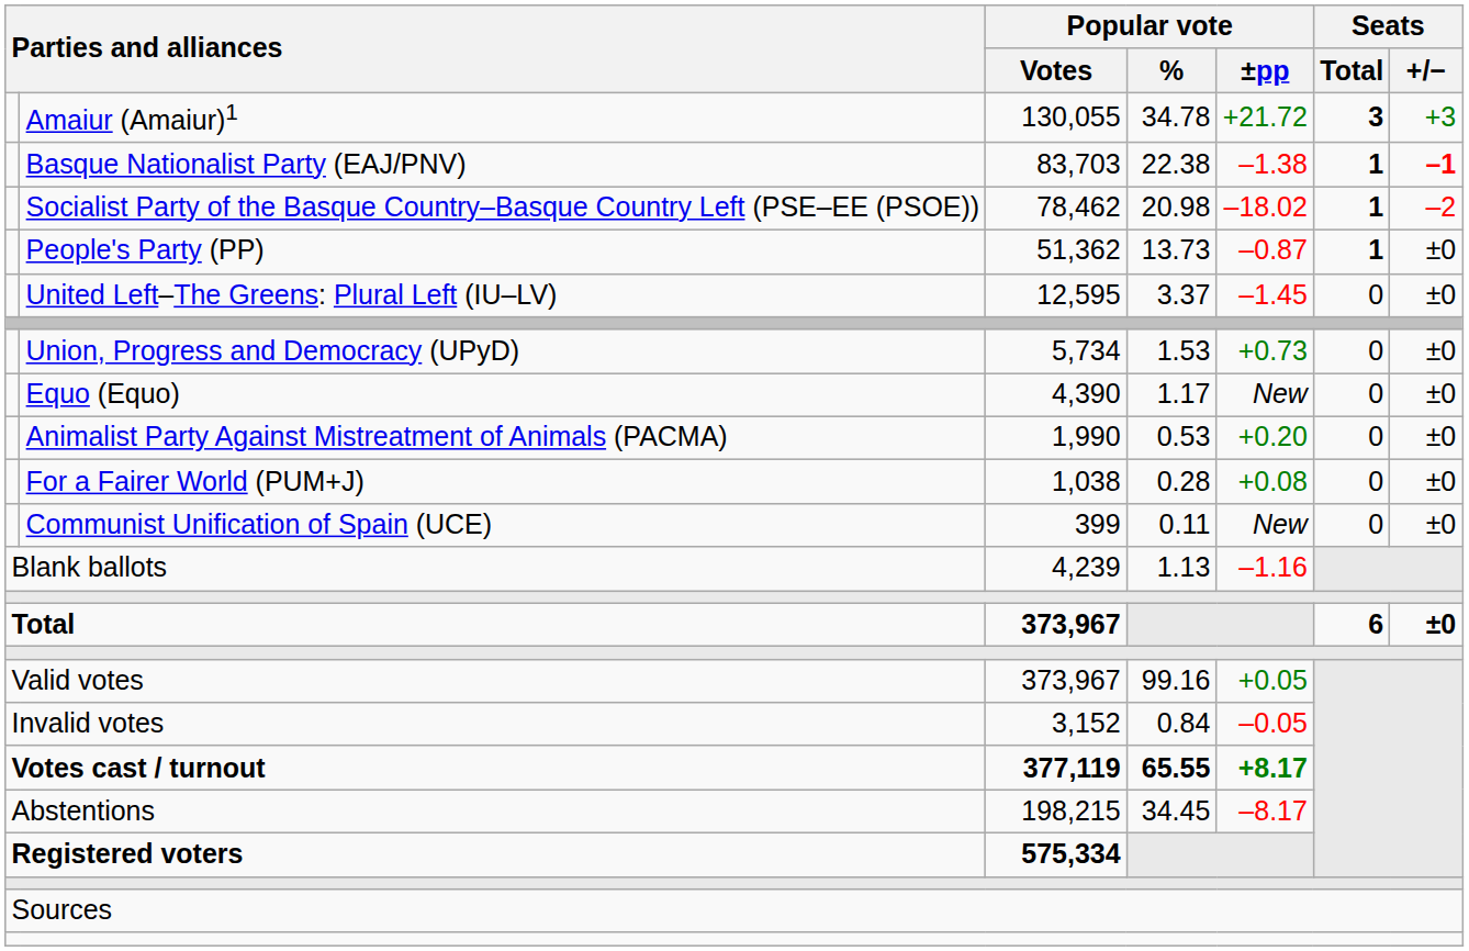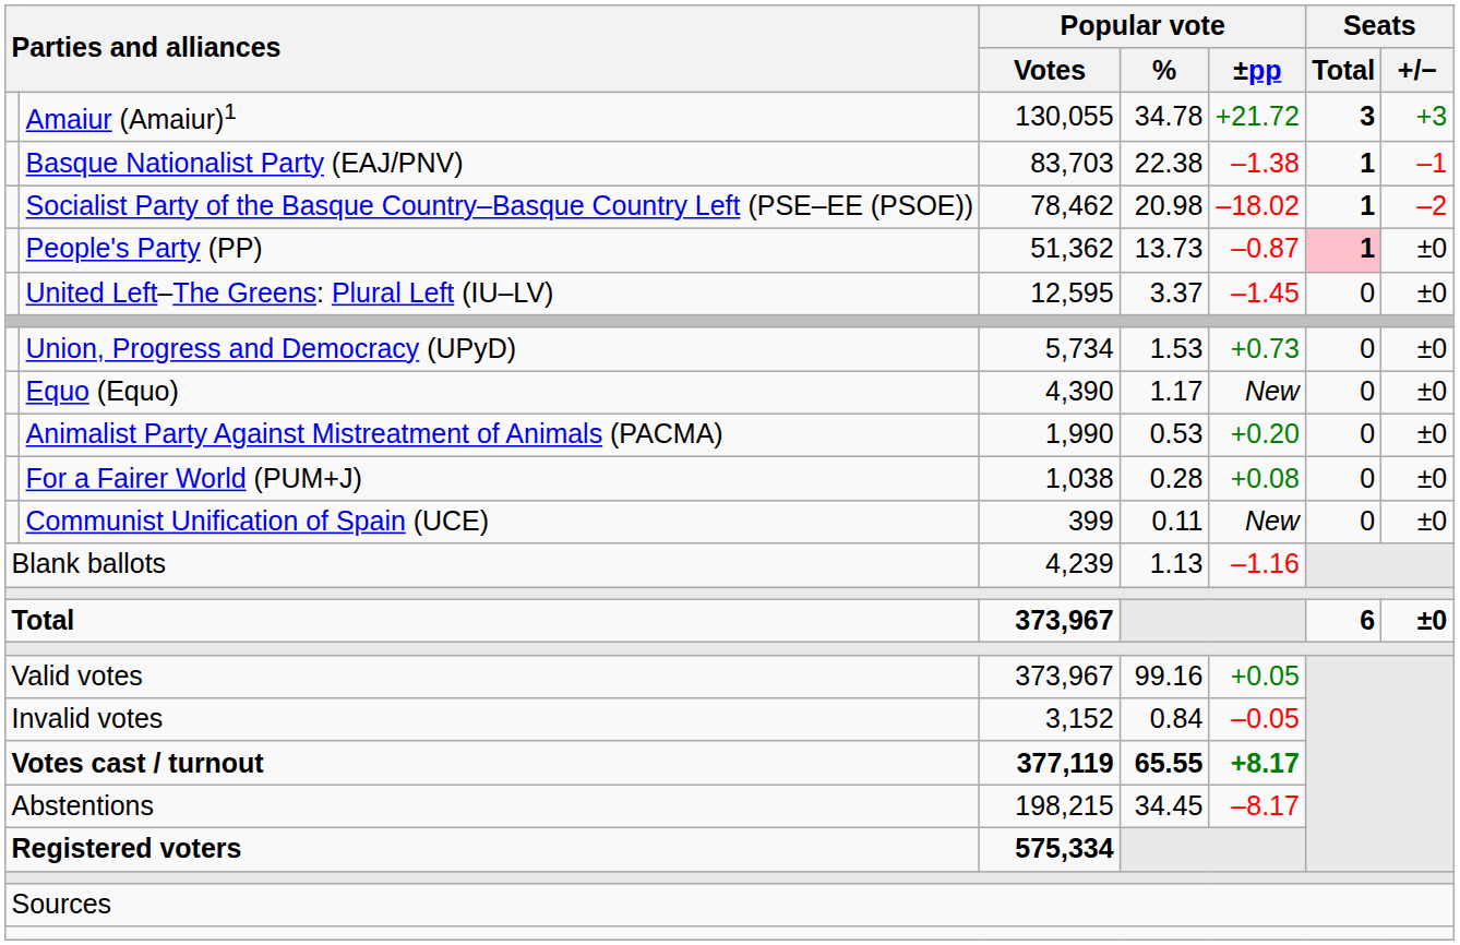 <table class="wikitable" style="text-align:right;">
 <tr>
 <th style="text-align:left;" rowspan="2" colspan="2" width="525">Parties and alliances</th>
 <th colspan="3">Popular vote</th>
 <th colspan="2">Seats</th>
 </tr>
 <tr>
 <th width="75">Votes</th>
 <th width="45">%</th>
 <th width="45">±<a href='#'>pp</a></th>
 <th width="35">Total</th>
 <th width="35">+/−</th>
 </tr>
 <tr>
 <td width="1" style="color:inherit;background:"></td>
 <td align="left"><a href='#'>Amaiur</a> (Amaiur)<sup>1</sup></td>
 <td>130,055</td>
 <td>34.78</td>
 <td style="color:green;">+21.72</td>
 <td><strong>3</strong></td>
 <td style="color:green;">+3</td>
 </tr>
 <tr>
 <td style="color:inherit;background:"></td>
 <td align="left"><a href='#'>Basque Nationalist Party</a> (EAJ/PNV)</td>
 <td>83,703</td>
 <td>22.38</td>
 <td style="color:red;">–1.38</td>
 <td><strong>1</strong></td>
-<td style="color:red;"><strong>–1</strong></td>
+<td style="color:red;">–1</td>
 </tr>
 <tr>
 <td style="color:inherit;background:"></td>
 <td align="left"><a href='#'>Socialist Party of the Basque Country–Basque Country Left</a> (PSE–EE (PSOE))</td>
 <td>78,462</td>
 <td>20.98</td>
 <td style="color:red;">–18.02</td>
 <td><strong>1</strong></td>
 <td style="color:red;">–2</td>
 </tr>
 <tr>
 <td style="color:inherit;background:"></td>
 <td align="left"><a href='#'>People's Party</a> (PP)</td>
 <td>51,362</td>
 <td>13.73</td>
 <td style="color:red;">–0.87</td>
-<td><strong>1</strong></td>
+<td style="background: pink;"><strong>1</strong></td>
 <td>±0</td>
 </tr>
 <tr>
 <td style="color:inherit;background:"></td>
 <td align="left"><a href='#'>United Left</a>–<a href='#'>The Greens</a>: <a href='#'>Plural Left</a> (IU–LV)</td>
 <td>12,595</td>
 <td>3.37</td>
 <td style="color:red;">–1.45</td>
 <td>0</td>
 <td>±0</td>
 </tr>
 <tr>
 <td colspan="7" bgcolor="#C0C0C0"></td>
 </tr>
 <tr>
 <td style="color:inherit;background:"></td>
 <td align="left"><a href='#'>Union, Progress and Democracy</a> (UPyD)</td>
 <td>5,734</td>
 <td>1.53</td>
 <td style="color:green;">+0.73</td>
 <td>0</td>
 <td>±0</td>
 </tr>
 <tr>
 <td style="color:inherit;background:"></td>
 <td align="left"><a href='#'>Equo</a> (Equo)</td>
 <td>4,390</td>
 <td>1.17</td>
 <td><em>New</em></td>
 <td>0</td>
 <td>±0</td>
 </tr>
 <tr>
 <td style="color:inherit;background:"></td>
 <td align="left"><a href='#'>Animalist Party Against Mistreatment of Animals</a> (PACMA)</td>
 <td>1,990</td>
 <td>0.53</td>
 <td style="color:green;">+0.20</td>
 <td>0</td>
 <td>±0</td>
 </tr>
 <tr>
 <td style="color:inherit;background:"></td>
 <td align="left"><a href='#'>For a Fairer World</a> (PUM+J)</td>
 <td>1,038</td>
 <td>0.28</td>
 <td style="color:green;">+0.08</td>
 <td>0</td>
 <td>±0</td>
 </tr>
 <tr>
 <td style="color:inherit;background:"></td>
 <td align="left"><a href='#'>Communist Unification of Spain</a> (UCE)</td>
 <td>399</td>
 <td>0.11</td>
 <td><em>New</em></td>
 <td>0</td>
 <td>±0</td>
 </tr>
 <tr>
 <td align="left" colspan="2">Blank ballots</td>
 <td>4,239</td>
 <td>1.13</td>
 <td style="color:red;">–1.16</td>
 <td bgcolor="#E9E9E9" colspan="2"></td>
 </tr>
 <tr>
 <td colspan="7" bgcolor="#E9E9E9"></td>
 </tr>
 <tr style="font-weight:bold;">
 <td align="left" colspan="2">Total</td>
 <td>373,967</td>
 <td bgcolor="#E9E9E9" colspan="2"></td>
 <td>6</td>
 <td>±0</td>
 </tr>
 <tr>
 <td colspan="7" bgcolor="#E9E9E9"></td>
 </tr>
 <tr>
 <td align="left" colspan="2">Valid votes</td>
 <td>373,967</td>
 <td>99.16</td>
 <td style="color:green;">+0.05</td>
 <td bgcolor="#E9E9E9" colspan="2" rowspan="5"></td>
 </tr>
 <tr>
 <td align="left" colspan="2">Invalid votes</td>
 <td>3,152</td>
 <td>0.84</td>
 <td style="color:red;">–0.05</td>
 </tr>
 <tr style="font-weight:bold;">
 <td align="left" colspan="2">Votes cast / turnout</td>
 <td>377,119</td>
 <td>65.55</td>
 <td style="color:green;">+8.17</td>
 </tr>
 <tr>
 <td align="left" colspan="2">Abstentions</td>
 <td>198,215</td>
 <td>34.45</td>
 <td style="color:red;">–8.17</td>
 </tr>
 <tr style="font-weight:bold;">
 <td align="left" colspan="2">Registered voters</td>
 <td>575,334</td>
 <td bgcolor="#E9E9E9" colspan="2"></td>
 </tr>
 <tr>
 <td colspan="7" bgcolor="#E9E9E9"></td>
 </tr>
 <tr>
 <td align="left" colspan="7">Sources</td>
 </tr>
 <tr>
 <td colspan="7" style="text-align:left; max-width:790px;"></td>
 </tr>
 </table>
